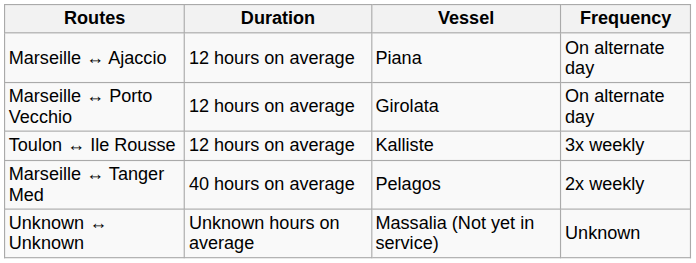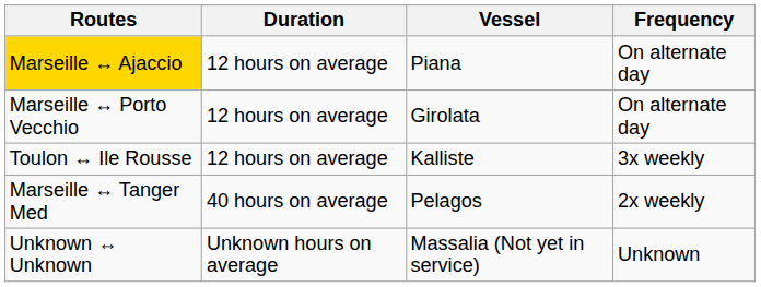 <table class="wikitable">
 <tr>
 <th>Routes</th>
 <th>Duration</th>
 <th>Vessel</th>
 <th>Frequency</th>
 </tr>
 <tr>
-<td>Marseille ↔ Ajaccio</td>
+<td style="background: gold;">Marseille ↔ Ajaccio</td>
 <td>12 hours on average</td>
 <td>Piana</td>
 <td>On alternate day</td>
 </tr>
 <tr>
 <td>Marseille ↔ Porto Vecchio</td>
 <td>12 hours on average</td>
 <td>Girolata</td>
 <td>On alternate day</td>
 </tr>
 <tr>
 <td>Toulon ↔ Ile Rousse</td>
 <td>12 hours on average</td>
 <td>Kalliste</td>
 <td>3x weekly</td>
 </tr>
 <tr>
 <td>Marseille ↔ Tanger Med</td>
 <td>40 hours on average</td>
 <td>Pelagos</td>
 <td>2x weekly</td>
 </tr>
 <tr>
 <td>Unknown ↔ Unknown</td>
 <td>Unknown hours on average</td>
 <td>Massalia (Not yet in service)</td>
 <td>Unknown</td>
 </tr>
 </table>
